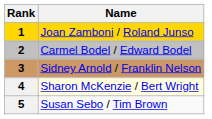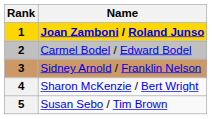 <table class="wikitable">
 <tr>
 <th>Rank</th>
 <th>Name</th>
 </tr>
 <tr bgcolor="gold">
 <td align="center"><strong>1</strong></td>
-<td><a href='#'>Joan Zamboni</a> / <a href='#'>Roland Junso</a></td>
+<td><strong><a href='#'>Joan Zamboni</a> / <a href='#'>Roland Junso</a></strong></td>
 </tr>
 <tr bgcolor="silver">
 <td align="center"><strong>2</strong></td>
 <td><a href='#'>Carmel Bodel</a> / <a href='#'>Edward Bodel</a></td>
 </tr>
 <tr bgcolor="cc9966">
 <td align="center"><strong>3</strong></td>
 <td><a href='#'>Sidney Arnold</a> / <a href='#'>Franklin Nelson</a></td>
 </tr>
 <tr>
 <th>4</th>
-<td style="background: lightyellow;"><a href='#'>Sharon McKenzie</a> / <a href='#'>Bert Wright</a></td>
+<td><a href='#'>Sharon McKenzie</a> / <a href='#'>Bert Wright</a></td>
 </tr>
 <tr>
 <th>5</th>
 <td><a href='#'>Susan Sebo</a> / <a href='#'>Tim Brown</a></td>
 </tr>
 </table>
